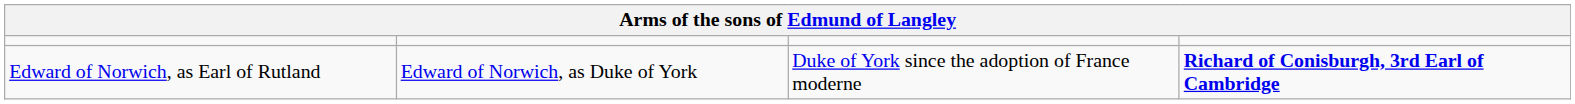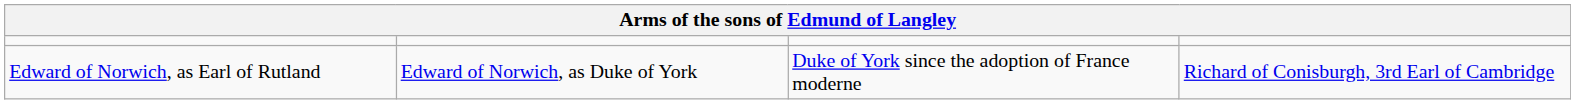 <table class="wikitable" width="100%">
 <tr>
 <th align=center colspan=4>Arms of the sons of <a href='#'>Edmund of Langley</a></th>
 </tr>
 <tr>
 <td align=center width="25%"></td>
 <td align=center width="25%"></td>
 <td align=center width="25%"></td>
 <td align=center width="25%"></td>
 </tr>
 <tr>
 <td><a href='#'>Edward of Norwich</a>, as Earl of Rutland</td>
 <td><a href='#'>Edward of Norwich</a>, as Duke of York</td>
 <td><a href='#'>Duke of York</a> since the adoption of France moderne</td>
-<td><strong><a href='#'>Richard of Conisburgh, 3rd Earl of Cambridge</a></strong></td>
+<td><a href='#'>Richard of Conisburgh, 3rd Earl of Cambridge</a></td>
 </tr>
 </table>
